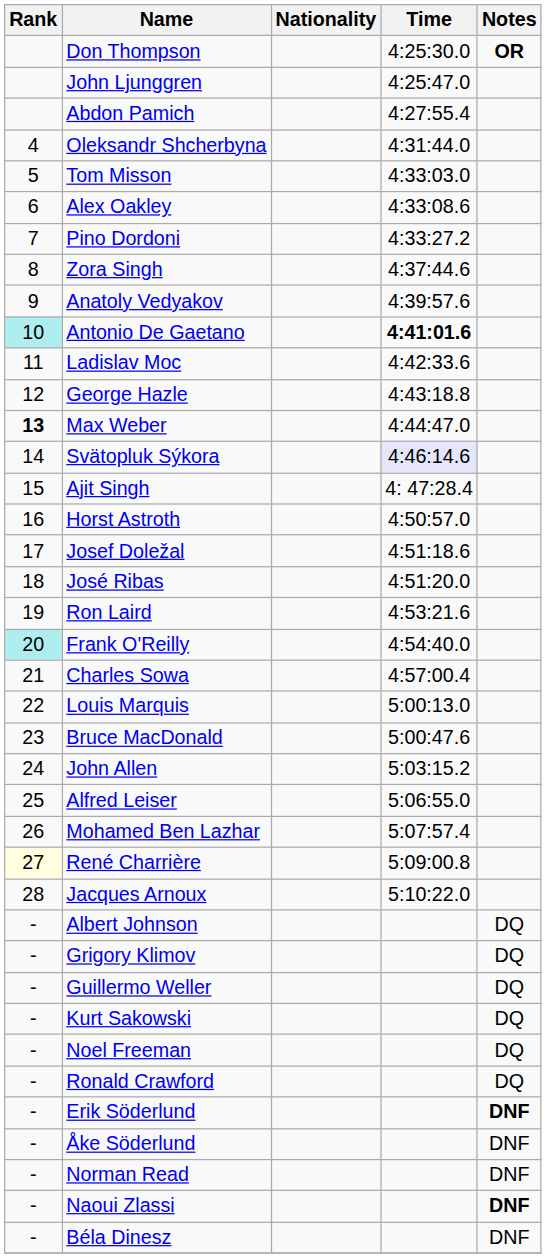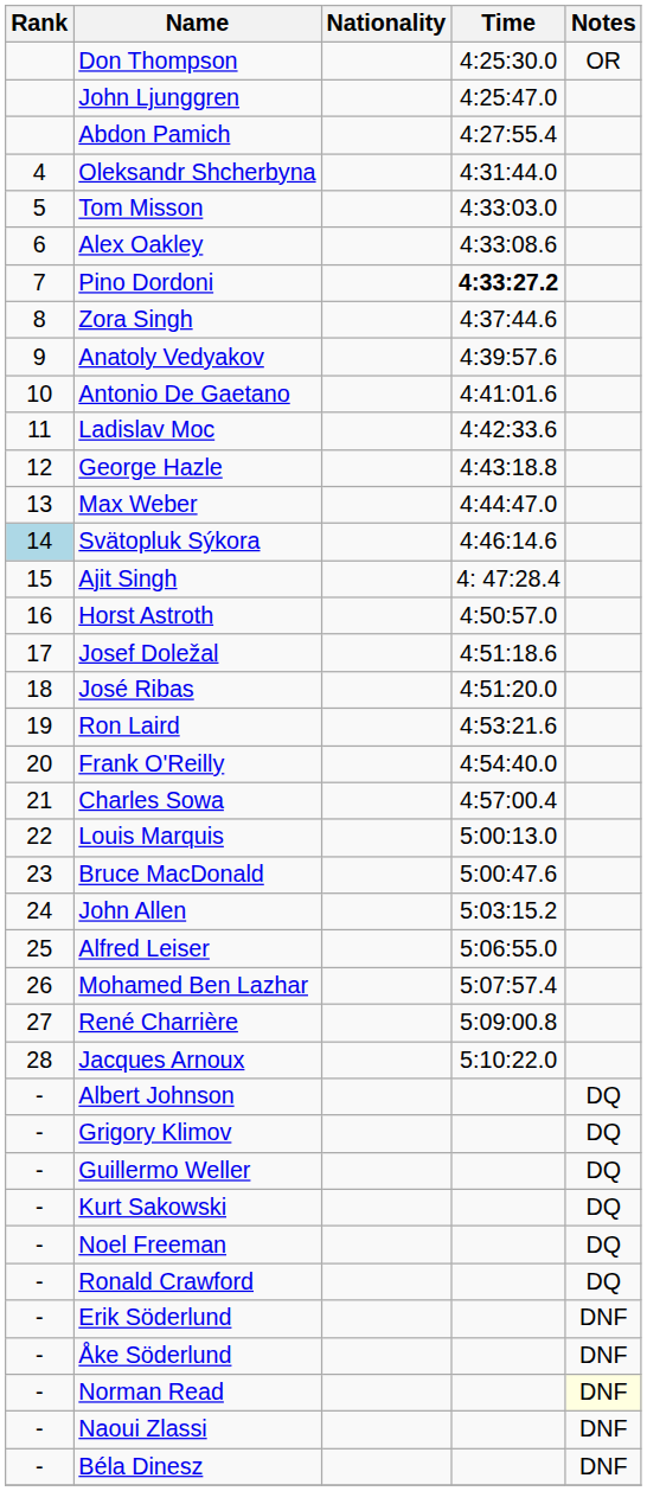 <table class="wikitable sortable" style="text-align:center">
 <tr>
 <th>Rank</th>
 <th>Name</th>
 <th>Nationality</th>
 <th>Time</th>
 <th>Notes</th>
 </tr>
 <tr>
 <td></td>
 <td align=left><a href='#'>Don Thompson</a></td>
 <td align=left></td>
 <td>4:25:30.0</td>
-<td><strong>OR</strong></td>
+<td>OR</td>
 </tr>
 <tr>
 <td></td>
 <td align=left><a href='#'>John Ljunggren</a></td>
 <td align=left></td>
 <td>4:25:47.0</td>
 <td></td>
 </tr>
 <tr>
 <td></td>
 <td align=left><a href='#'>Abdon Pamich</a></td>
 <td align=left></td>
 <td>4:27:55.4</td>
 <td></td>
 </tr>
 <tr>
 <td>4</td>
 <td align=left><a href='#'>Oleksandr Shcherbyna</a></td>
 <td align=left></td>
 <td>4:31:44.0</td>
 <td></td>
 </tr>
 <tr>
 <td>5</td>
 <td align=left><a href='#'>Tom Misson</a></td>
 <td align=left></td>
 <td>4:33:03.0</td>
 <td></td>
 </tr>
 <tr>
 <td>6</td>
 <td align=left><a href='#'>Alex Oakley</a></td>
 <td align=left></td>
 <td>4:33:08.6</td>
 <td></td>
 </tr>
 <tr>
 <td>7</td>
 <td align=left><a href='#'>Pino Dordoni</a></td>
 <td align=left></td>
-<td>4:33:27.2</td>
+<td><strong>4:33:27.2</strong></td>
 <td></td>
 </tr>
 <tr>
 <td>8</td>
 <td align=left><a href='#'>Zora Singh</a></td>
 <td align=left></td>
 <td>4:37:44.6</td>
 <td></td>
 </tr>
 <tr>
 <td>9</td>
 <td align=left><a href='#'>Anatoly Vedyakov</a></td>
 <td align=left></td>
 <td>4:39:57.6</td>
 <td></td>
 </tr>
 <tr>
-<td style="background: paleturquoise;">10</td>
+<td>10</td>
 <td align=left><a href='#'>Antonio De Gaetano</a></td>
 <td align=left></td>
-<td><strong>4:41:01.6</strong></td>
+<td>4:41:01.6</td>
 <td></td>
 </tr>
 <tr>
 <td>11</td>
 <td align=left><a href='#'>Ladislav Moc</a></td>
 <td align=left></td>
 <td>4:42:33.6</td>
 <td></td>
 </tr>
 <tr>
 <td>12</td>
 <td align=left><a href='#'>George Hazle</a></td>
 <td align=left></td>
 <td>4:43:18.8</td>
 <td></td>
 </tr>
 <tr>
-<td><strong>13</strong></td>
+<td>13</td>
 <td align=left><a href='#'>Max Weber</a></td>
 <td align=left></td>
 <td>4:44:47.0</td>
 <td></td>
 </tr>
 <tr>
-<td>14</td>
+<td style="background: lightblue;">14</td>
 <td align=left><a href='#'>Svätopluk Sýkora</a></td>
 <td align=left></td>
-<td style="background: lavender;">4:46:14.6</td>
+<td>4:46:14.6</td>
 <td></td>
 </tr>
 <tr>
 <td>15</td>
 <td align=left><a href='#'>Ajit Singh</a></td>
 <td align=left></td>
 <td>4: 47:28.4</td>
 <td></td>
 </tr>
 <tr>
 <td>16</td>
 <td align=left><a href='#'>Horst Astroth</a></td>
 <td align=left></td>
 <td>4:50:57.0</td>
 <td></td>
 </tr>
 <tr>
 <td>17</td>
 <td align=left><a href='#'>Josef Doležal</a></td>
 <td align=left></td>
 <td>4:51:18.6</td>
 <td></td>
 </tr>
 <tr>
 <td>18</td>
 <td align=left><a href='#'>José Ribas</a></td>
 <td align=left></td>
 <td>4:51:20.0</td>
 <td></td>
 </tr>
 <tr>
 <td>19</td>
 <td align=left><a href='#'>Ron Laird</a></td>
 <td align=left></td>
 <td>4:53:21.6</td>
 <td></td>
 </tr>
 <tr>
-<td style="background: paleturquoise;">20</td>
+<td>20</td>
 <td align=left><a href='#'>Frank O'Reilly</a></td>
 <td align=left></td>
 <td>4:54:40.0</td>
 <td></td>
 </tr>
 <tr>
 <td>21</td>
 <td align=left><a href='#'>Charles Sowa</a></td>
 <td align=left></td>
 <td>4:57:00.4</td>
 <td></td>
 </tr>
 <tr>
 <td>22</td>
 <td align=left><a href='#'>Louis Marquis</a></td>
 <td align=left></td>
 <td>5:00:13.0</td>
 <td></td>
 </tr>
 <tr>
 <td>23</td>
 <td align=left><a href='#'>Bruce MacDonald</a></td>
 <td align=left></td>
 <td>5:00:47.6</td>
 <td></td>
 </tr>
 <tr>
 <td>24</td>
 <td align=left><a href='#'>John Allen</a></td>
 <td align=left></td>
 <td>5:03:15.2</td>
 <td></td>
 </tr>
 <tr>
 <td>25</td>
 <td align=left><a href='#'>Alfred Leiser</a></td>
 <td align=left></td>
 <td>5:06:55.0</td>
 <td></td>
 </tr>
 <tr>
 <td>26</td>
 <td align=left><a href='#'>Mohamed Ben Lazhar</a></td>
 <td align=left></td>
 <td>5:07:57.4</td>
 <td></td>
 </tr>
 <tr>
-<td style="background: lightyellow;">27</td>
+<td>27</td>
 <td align=left><a href='#'>René Charrière</a></td>
 <td align=left></td>
 <td>5:09:00.8</td>
 <td></td>
 </tr>
 <tr>
 <td>28</td>
 <td align=left><a href='#'>Jacques Arnoux</a></td>
 <td align=left></td>
 <td>5:10:22.0</td>
 <td></td>
 </tr>
 <tr>
 <td>-</td>
 <td align=left><a href='#'>Albert Johnson</a></td>
 <td align=left></td>
 <td></td>
 <td>DQ</td>
 </tr>
 <tr>
 <td>-</td>
 <td align=left><a href='#'>Grigory Klimov</a></td>
 <td align=left></td>
 <td></td>
 <td>DQ</td>
 </tr>
 <tr>
 <td>-</td>
 <td align=left><a href='#'>Guillermo Weller</a></td>
 <td align=left></td>
 <td></td>
 <td>DQ</td>
 </tr>
 <tr>
 <td>-</td>
 <td align=left><a href='#'>Kurt Sakowski</a></td>
 <td align=left></td>
 <td></td>
 <td>DQ</td>
 </tr>
 <tr>
 <td>-</td>
 <td align=left><a href='#'>Noel Freeman</a></td>
 <td align=left></td>
 <td></td>
 <td>DQ</td>
 </tr>
 <tr>
 <td>-</td>
 <td align=left><a href='#'>Ronald Crawford</a></td>
 <td align=left></td>
 <td></td>
 <td>DQ</td>
 </tr>
 <tr>
 <td>-</td>
 <td align=left><a href='#'>Erik Söderlund</a></td>
 <td align=left></td>
 <td></td>
-<td><strong>DNF</strong></td>
+<td>DNF</td>
 </tr>
 <tr>
 <td>-</td>
 <td align=left><a href='#'>Åke Söderlund</a></td>
 <td align=left></td>
 <td></td>
 <td>DNF</td>
 </tr>
 <tr>
 <td>-</td>
 <td align=left><a href='#'>Norman Read</a></td>
 <td align=left></td>
 <td></td>
-<td>DNF</td>
+<td style="background: lightyellow;">DNF</td>
 </tr>
 <tr>
 <td>-</td>
 <td align=left><a href='#'>Naoui Zlassi</a></td>
 <td align=left></td>
 <td></td>
-<td><strong>DNF</strong></td>
+<td>DNF</td>
 </tr>
 <tr>
 <td>-</td>
 <td align=left><a href='#'>Béla Dinesz</a></td>
 <td align=left></td>
 <td></td>
 <td>DNF</td>
 </tr>
 <tr>
 </tr>
 </table>
